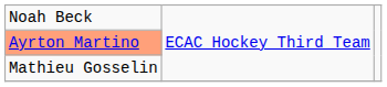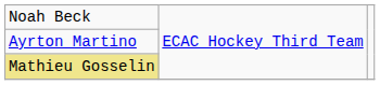 <table class="wikitable">
 <tr>
 <td>Noah Beck</td>
 <td rowspan=3><a href='#'>ECAC Hockey Third Team</a></td>
 <td rowspan=3></td>
 </tr>
 <tr>
-<td style="background: lightsalmon;"><a href='#'>Ayrton Martino</a></td>
+<td><a href='#'>Ayrton Martino</a></td>
 </tr>
 <tr>
-<td>Mathieu Gosselin</td>
+<td style="background: khaki;">Mathieu Gosselin</td>
 </tr>
 <tr>
 </tr>
 </table>
